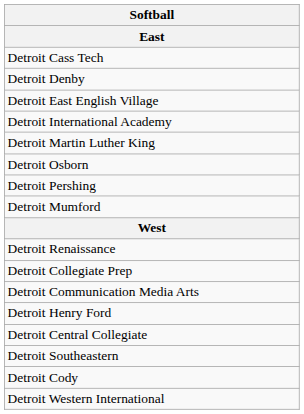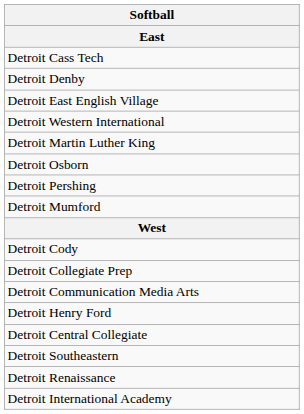 <table class="wikitable collapsible collapsed" style="width:22em">
 <tr>
 <th align=center>Softball</th>
 </tr>
 <tr>
 <th>East</th>
 </tr>
 <tr>
 <td>Detroit Cass Tech</td>
 </tr>
 <tr>
 <td>Detroit Denby</td>
 </tr>
 <tr>
 <td>Detroit East English Village</td>
 </tr>
 <tr>
-<td>Detroit International Academy</td>
+<td>Detroit Western International</td>
 </tr>
 <tr>
 <td>Detroit Martin Luther King</td>
 </tr>
 <tr>
 <td>Detroit Osborn</td>
 </tr>
 <tr>
 <td>Detroit Pershing</td>
 </tr>
 <tr>
 <td>Detroit Mumford</td>
 </tr>
 <tr>
 <th>West</th>
 </tr>
 <tr>
-<td>Detroit Renaissance</td>
+<td>Detroit Cody</td>
 </tr>
 <tr>
 <td>Detroit Collegiate Prep</td>
 </tr>
 <tr>
 <td>Detroit Communication Media Arts</td>
 </tr>
 <tr>
 <td>Detroit Henry Ford</td>
 </tr>
 <tr>
 <td>Detroit Central Collegiate</td>
 </tr>
 <tr>
 <td>Detroit Southeastern</td>
 </tr>
 <tr>
-<td>Detroit Cody</td>
+<td>Detroit Renaissance</td>
 </tr>
 <tr>
-<td>Detroit Western International</td>
+<td>Detroit International Academy</td>
 </tr>
 </table>
